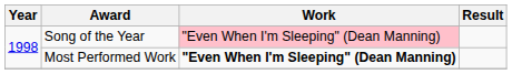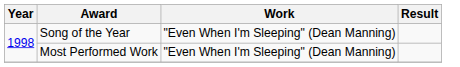 <table class="wikitable">
 <tr>
 <th>Year</th>
 <th>Award</th>
 <th>Work</th>
 <th>Result</th>
 </tr>
 <tr>
 <td rowspan="2"><a href='#'>1998</a></td>
 <td>Song of the Year</td>
-<td style="background: pink;">"Even When I'm Sleeping" (Dean Manning)</td>
+<td>"Even When I'm Sleeping" (Dean Manning)</td>
 <td></td>
 </tr>
 <tr>
 <td>Most Performed Work</td>
-<td><strong>"Even When I'm Sleeping" (Dean Manning)</strong></td>
+<td>"Even When I'm Sleeping" (Dean Manning)</td>
 <td></td>
 </tr>
 <tr>
 </tr>
 </table>
